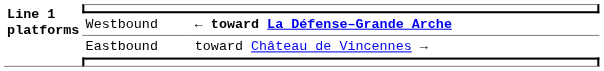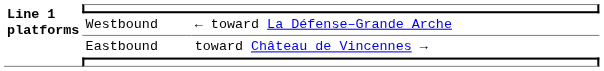 <table border=0 cellspacing=0 cellpadding=3>
 <tr>
 <td style="border-bottom:solid 1px gray;" width=50 rowspan=10 valign=top><strong>Line 1 platforms</strong></td>
 <td style="border-top:solid 1px gray;border-right:solid 2px black;border-left:solid 2px black;border-bottom:solid 2px black;text-align:center;" colspan=2></td>
 </tr>
 <tr>
 <td style="border-bottom:solid 1px gray;" width=100>Westbound</td>
-<td style="border-bottom:solid 1px gray;" width=390><strong>←   toward <a href='#'>La Défense–Grande Arche</a> </strong></td>
+<td style="border-bottom:solid 1px gray;" width=390>←   toward <a href='#'>La Défense–Grande Arche</a> </td>
 </tr>
 <tr>
 <td>Eastbound</td>
 <td>   toward <a href='#'>Château de Vincennes</a>  →</td>
 </tr>
 <tr>
 <td style="border-top:solid 2px black;border-right:solid 2px black;border-left:solid 2px black;border-bottom:solid 1px gray;text-align:center;" colspan=2></td>
 </tr>
 </table>
